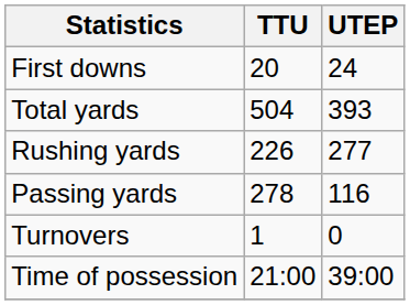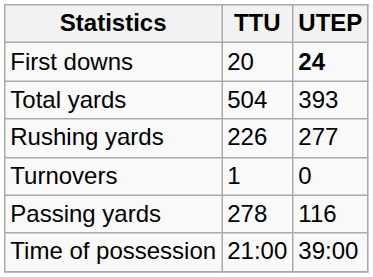 <table class="wikitable" style="float: left;">
 <tr>
 <th>Statistics</th>
 <th>TTU</th>
 <th>UTEP</th>
 </tr>
 <tr>
 <td>First downs</td>
 <td>20</td>
-<td>24</td>
+<td><strong>24</strong></td>
 </tr>
 <tr>
 <td>Total yards</td>
 <td>504</td>
 <td>393</td>
 </tr>
 <tr>
 <td>Rushing yards</td>
 <td>226</td>
 <td>277</td>
 </tr>
 <tr>
+<td>Turnovers</td>
+<td>1</td>
+<td>0</td>
+</tr>
+<tr>
 <td>Passing yards</td>
 <td>278</td>
 <td>116</td>
-</tr>
-<tr>
-<td>Turnovers</td>
-<td>1</td>
-<td>0</td>
 </tr>
 <tr>
 <td>Time of possession</td>
 <td>21:00</td>
 <td>39:00</td>
 </tr>
 <tr>
 </tr>
 </table>
